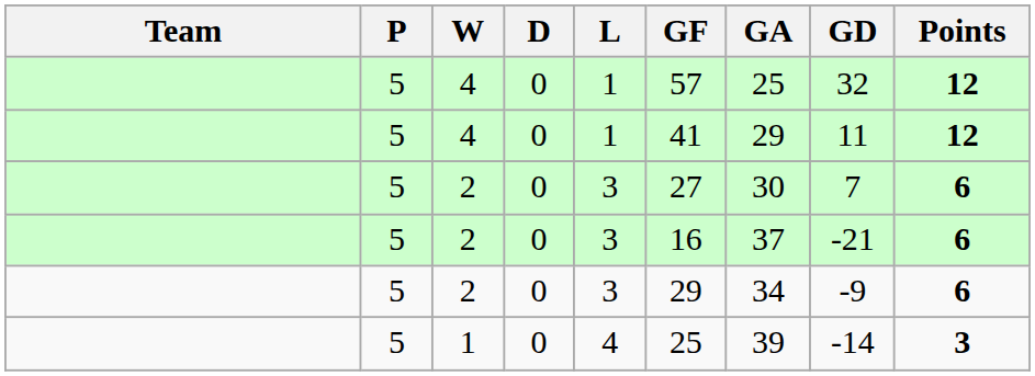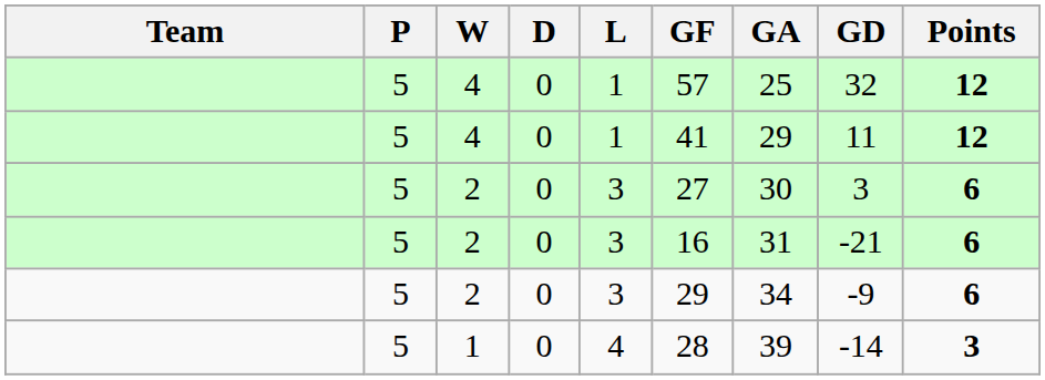 <table class=wikitable style="text-align:center" width=500>
 <tr>
 <th width=25%>Team</th>
 <th width=5%>P</th>
 <th width=5%>W</th>
 <th width=5%>D</th>
 <th width=5%>L</th>
 <th width=5%>GF</th>
 <th width=5%>GA</th>
 <th width=5%>GD</th>
 <th width=8%>Points</th>
 </tr>
 <tr bgcolor="ccffcc">
 <td align="left"></td>
 <td>5</td>
 <td>4</td>
 <td>0</td>
 <td>1</td>
 <td>57</td>
 <td>25</td>
 <td>32</td>
 <td><strong>12</strong></td>
 </tr>
 <tr bgcolor="ccffcc">
 <td align="left"></td>
 <td>5</td>
 <td>4</td>
 <td>0</td>
 <td>1</td>
 <td>41</td>
 <td>29</td>
 <td>11</td>
 <td><strong>12</strong></td>
 </tr>
 <tr bgcolor="ccffcc">
 <td align="left"></td>
 <td>5</td>
 <td>2</td>
 <td>0</td>
 <td>3</td>
 <td>27</td>
 <td>30</td>
-<td>7</td>
+<td>3</td>
 <td><strong>6</strong></td>
 </tr>
 <tr bgcolor="ccffcc">
 <td align="left"></td>
 <td>5</td>
 <td>2</td>
 <td>0</td>
 <td>3</td>
 <td>16</td>
-<td>37</td>
+<td>31</td>
 <td>-21</td>
 <td><strong>6</strong></td>
 </tr>
 <tr>
 <td align="left"></td>
 <td>5</td>
 <td>2</td>
 <td>0</td>
 <td>3</td>
 <td>29</td>
 <td>34</td>
 <td>-9</td>
 <td><strong>6</strong></td>
 </tr>
 <tr>
 <td align="left"></td>
 <td>5</td>
 <td>1</td>
 <td>0</td>
 <td>4</td>
-<td>25</td>
+<td>28</td>
 <td>39</td>
 <td>-14</td>
 <td><strong>3</strong></td>
 </tr>
 </table>
